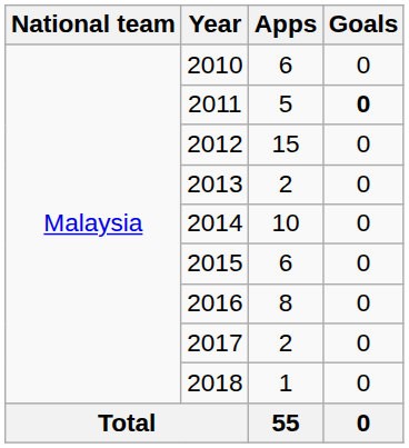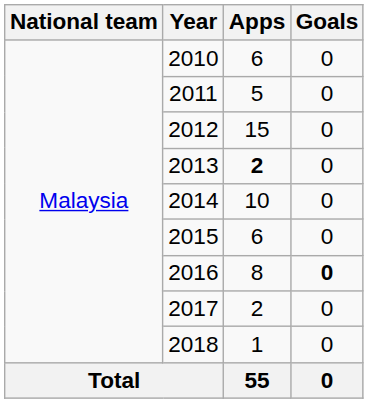 <table class=wikitable style="text-align: center;">
 <tr>
 <th>National team</th>
 <th>Year</th>
 <th>Apps</th>
 <th>Goals</th>
 </tr>
 <tr>
 <td rowspan=9><a href='#'>Malaysia</a></td>
 <td>2010</td>
 <td>6</td>
 <td>0</td>
 </tr>
 <tr>
 <td>2011</td>
 <td>5</td>
-<td><strong>0</strong></td>
+<td>0</td>
 </tr>
 <tr>
 <td>2012</td>
 <td>15</td>
 <td>0</td>
 </tr>
 <tr>
 <td>2013</td>
-<td>2</td>
+<td><strong>2</strong></td>
 <td>0</td>
 </tr>
 <tr>
 <td>2014</td>
 <td>10</td>
 <td>0</td>
 </tr>
 <tr>
 <td>2015</td>
 <td>6</td>
 <td>0</td>
 </tr>
 <tr>
 <td>2016</td>
 <td>8</td>
-<td>0</td>
+<td><strong>0</strong></td>
 </tr>
 <tr>
 <td>2017</td>
 <td>2</td>
 <td>0</td>
 </tr>
 <tr>
 <td>2018</td>
 <td>1</td>
 <td>0</td>
 </tr>
 <tr>
 <th colspan=2>Total</th>
 <th>55</th>
 <th>0</th>
 </tr>
 </table>
